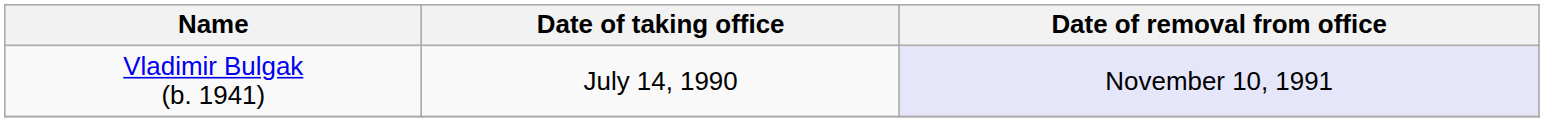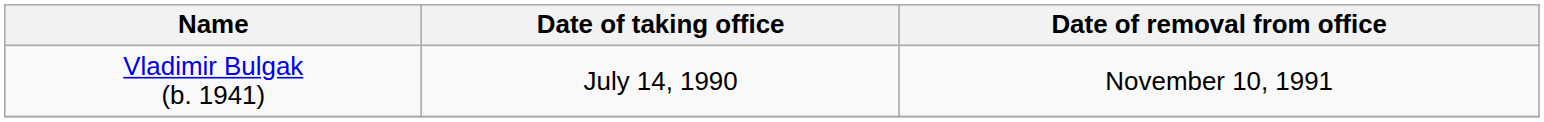 <table class="wikitable" style="text-align:center" width=75%>
 <tr>
 <th width=250px>Name</th>
 <th>Date of taking office</th>
 <th>Date of removal from office</th>
 </tr>
 <tr>
 <td><a href='#'>Vladimir Bulgak</a><br>(b. 1941)<br></td>
 <td>July 14, 1990</td>
-<td style="background: lavender;">November 10, 1991</td>
+<td>November 10, 1991</td>
 </tr>
 <tr>
 </tr>
 </table>
